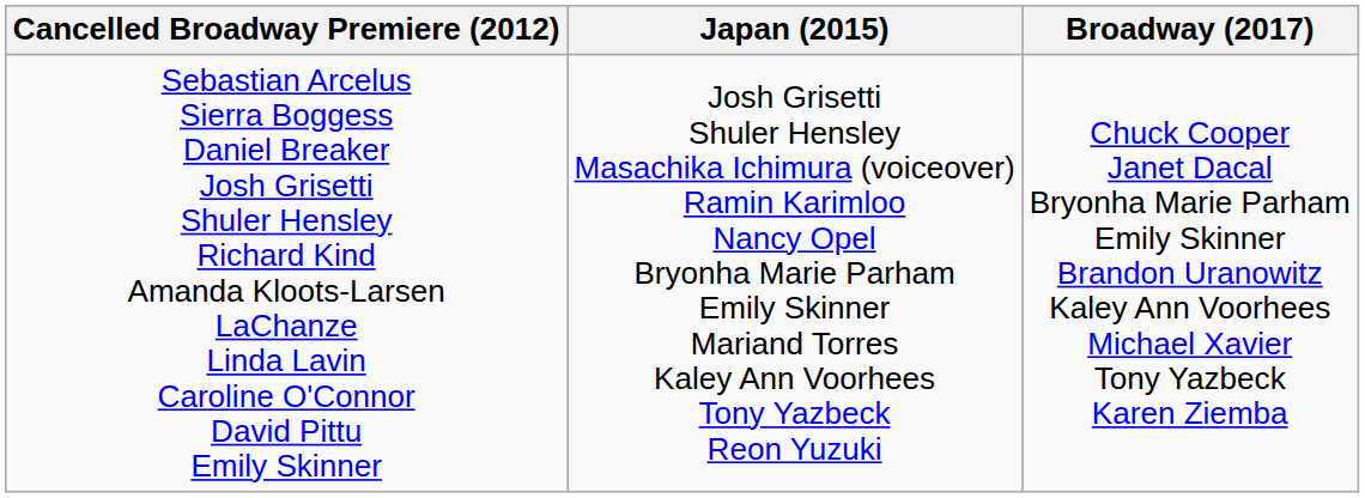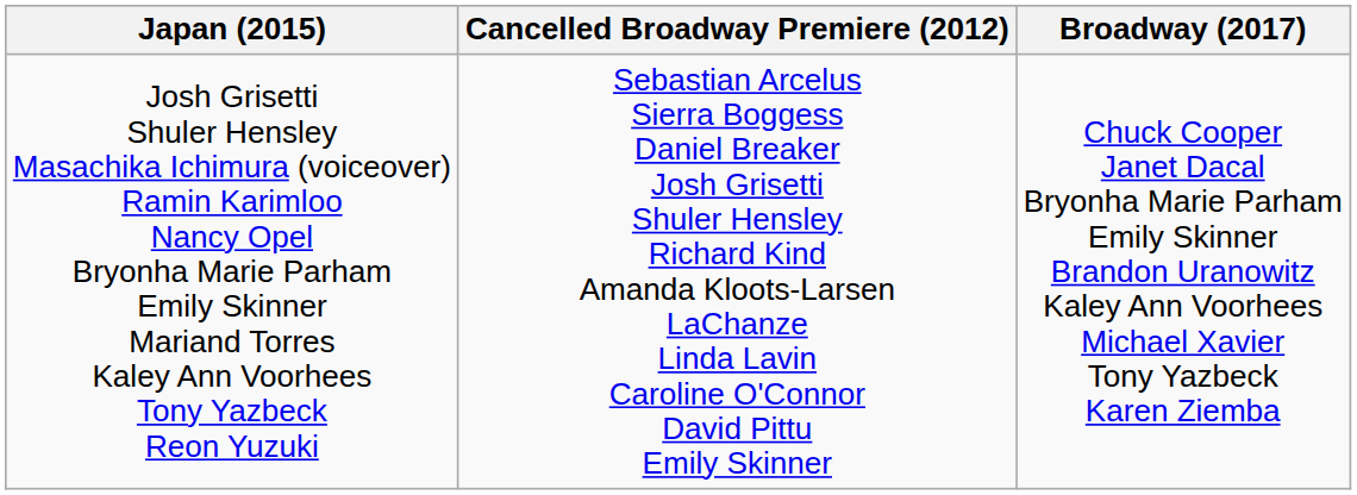 <table class="wikitable" style="width:1000;">
 <tr>
+<th>Japan (2015)</th>
 <th>Cancelled Broadway Premiere (2012)</th>
-<th>Japan (2015)</th>
 <th>Broadway (2017)</th>
 </tr>
 <tr>
+<td ! align="center">Josh Grisetti<br>Shuler Hensley<br><a href='#'>Masachika Ichimura</a> (voiceover)<br><a href='#'>Ramin Karimloo</a><br><a href='#'>Nancy Opel</a><br>Bryonha Marie Parham<br>Emily Skinner<br>Mariand Torres<br>Kaley Ann Voorhees<br><a href='#'>Tony Yazbeck</a><br><a href='#'>Reon Yuzuki</a></td>
 <td ! align="center"><a href='#'>Sebastian Arcelus</a><br><a href='#'>Sierra Boggess</a><br><a href='#'>Daniel Breaker</a><br><a href='#'>Josh Grisetti</a><br><a href='#'>Shuler Hensley</a><br><a href='#'>Richard Kind</a><br>Amanda Kloots-Larsen<br><a href='#'>LaChanze</a><br><a href='#'>Linda Lavin</a><br><a href='#'>Caroline O'Connor</a><br><a href='#'>David Pittu</a><br><a href='#'>Emily Skinner</a></td>
-<td ! align="center">Josh Grisetti<br>Shuler Hensley<br><a href='#'>Masachika Ichimura</a> (voiceover)<br><a href='#'>Ramin Karimloo</a><br><a href='#'>Nancy Opel</a><br>Bryonha Marie Parham<br>Emily Skinner<br>Mariand Torres<br>Kaley Ann Voorhees<br><a href='#'>Tony Yazbeck</a><br><a href='#'>Reon Yuzuki</a></td>
 <td ! align="center"><a href='#'>Chuck Cooper</a><br><a href='#'>Janet Dacal</a><br>Bryonha Marie Parham<br>Emily Skinner<br><a href='#'>Brandon Uranowitz</a><br>Kaley Ann Voorhees<br><a href='#'>Michael Xavier</a><br>Tony Yazbeck<br><a href='#'>Karen Ziemba</a></td>
 </tr>
 </table>
